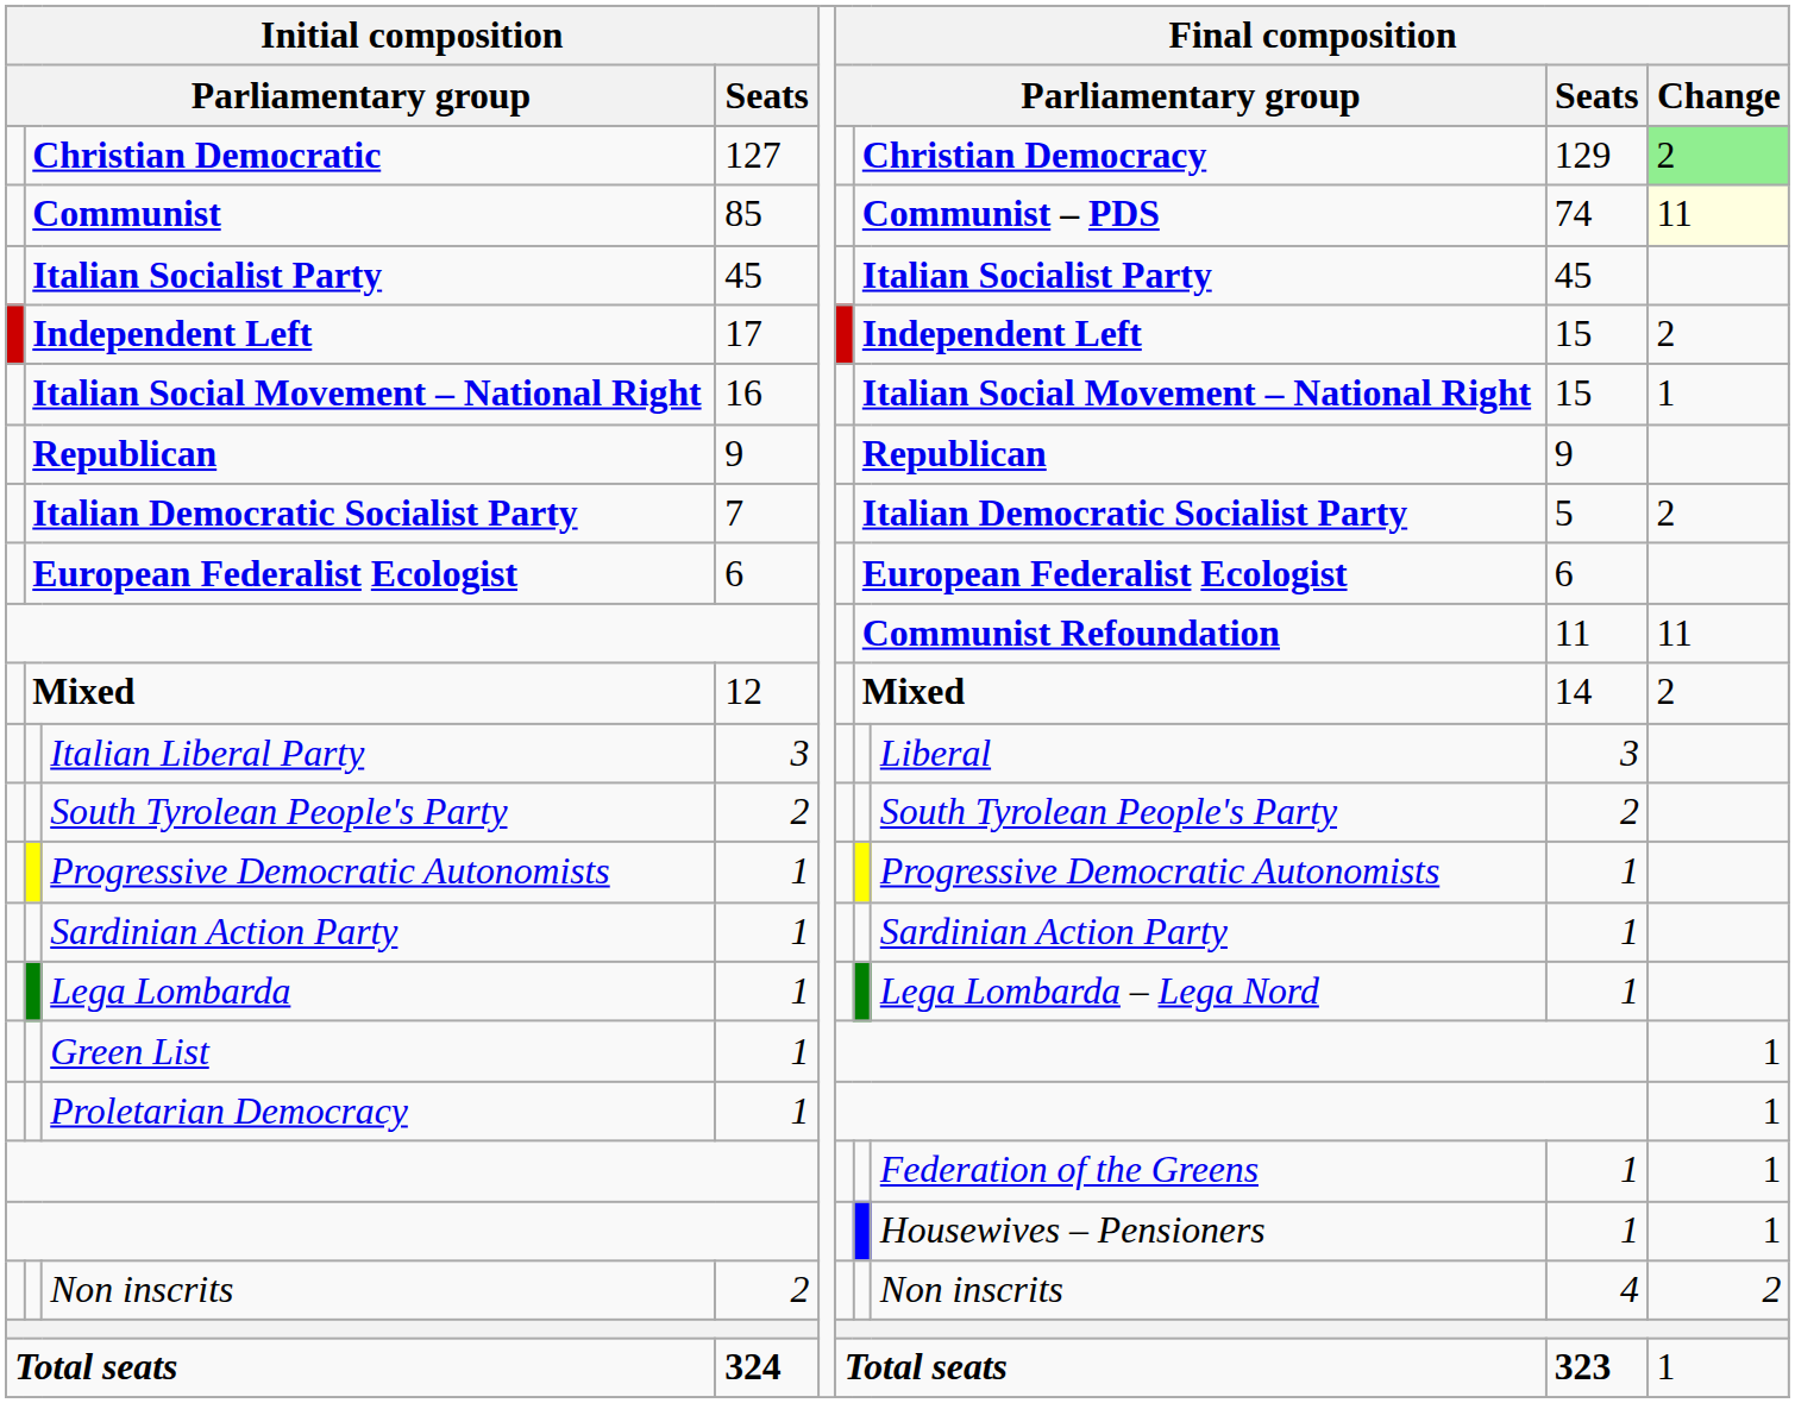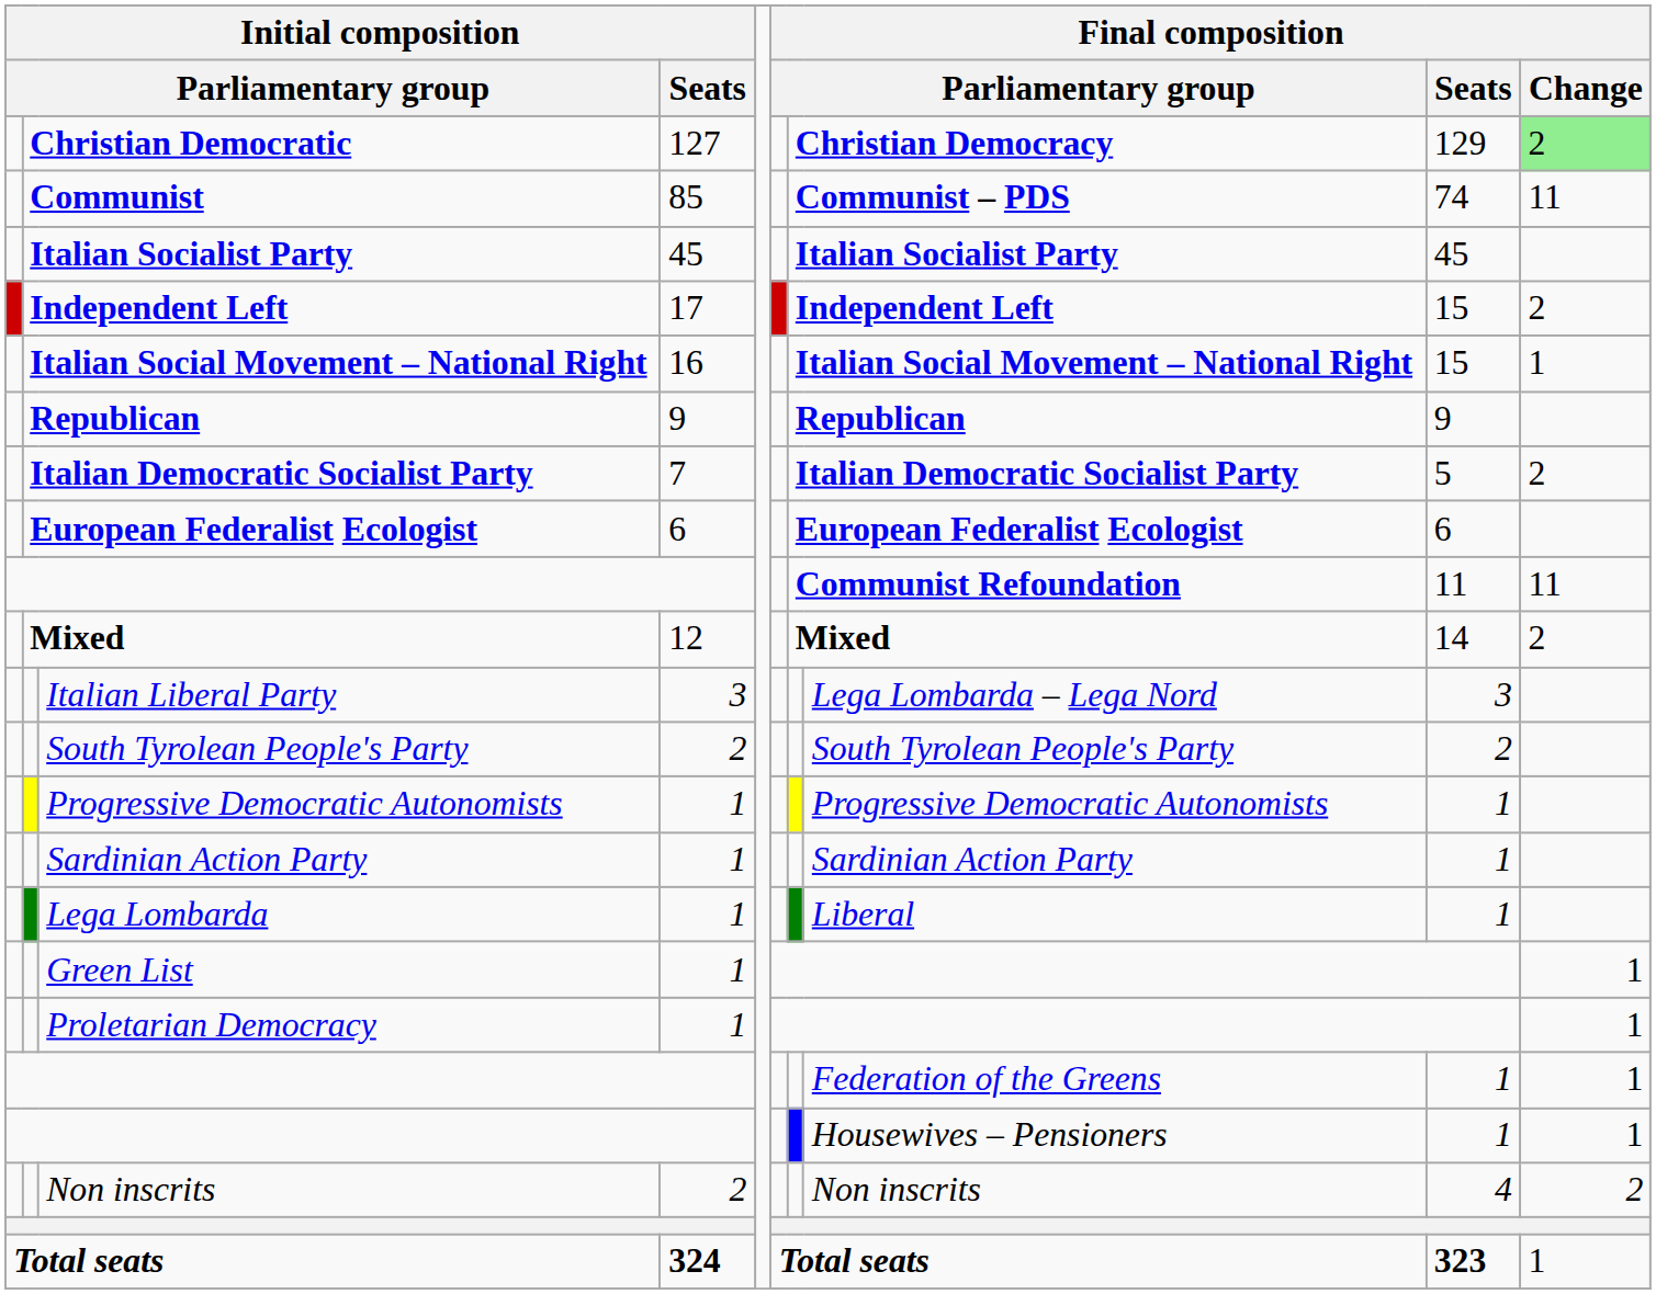 <table class="wikitable" style="width : 60%;">
 <tr>
 <th colspan="4">Initial composition</th>
 <td rowspan="30" style="width : 1%;"></td>
 <th colspan="5">Final composition</th>
 </tr>
 <tr>
 <th colspan="3">Parliamentary group</th>
 <th>Seats</th>
 <th colspan="3">Parliamentary group</th>
 <th>Seats</th>
 <th>Change</th>
 </tr>
 <tr>
 <td></td>
 <td colspan = "2"><strong><a href='#'>Christian Democratic</a></strong></td>
 <td>127</td>
 <td></td>
 <td colspan = "2"><strong><a href='#'>Christian Democracy</a></strong></td>
 <td>129</td>
 <td style="background: lightgreen;"> 2</td>
 </tr>
 <tr>
 <td></td>
 <td colspan = "2"><strong><a href='#'>Communist</a></strong></td>
 <td>85</td>
 <td></td>
 <td colspan = "2"><strong><a href='#'>Communist</a> – <a href='#'>PDS</a></strong></td>
 <td>74</td>
-<td style="background: lightyellow;"> 11</td>
+<td> 11</td>
 </tr>
 <tr>
 <td></td>
 <td colspan = "2"><strong><a href='#'>Italian Socialist Party</a></strong></td>
 <td>45</td>
 <td></td>
 <td colspan = "2"><strong><a href='#'>Italian Socialist Party</a></strong></td>
 <td>45</td>
 <td></td>
 </tr>
 <tr>
 <td bgcolor="#CC0000" width=1%></td>
 <td colspan = "2"><strong><a href='#'>Independent Left</a></strong></td>
 <td>17</td>
 <td bgcolor="#CC0000" width=1%></td>
 <td colspan = "2"><strong><a href='#'>Independent Left</a></strong></td>
 <td>15</td>
 <td> 2</td>
 </tr>
 <tr>
 <td></td>
 <td colspan = "2"><strong><a href='#'>Italian Social Movement – National Right</a></strong></td>
 <td>16</td>
 <td></td>
 <td colspan = "2"><strong><a href='#'>Italian Social Movement – National Right</a></strong></td>
 <td>15</td>
 <td> 1</td>
 </tr>
 <tr>
 <td></td>
 <td colspan = "2"><strong><a href='#'>Republican</a></strong></td>
 <td>9</td>
 <td></td>
 <td colspan = "2"><strong><a href='#'>Republican</a></strong></td>
 <td>9</td>
 <td></td>
 </tr>
 <tr>
 <td></td>
 <td colspan = "2"><strong><a href='#'>Italian Democratic Socialist Party</a></strong></td>
 <td>7</td>
 <td></td>
 <td colspan = "2"><strong><a href='#'>Italian Democratic Socialist Party</a></strong></td>
 <td>5</td>
 <td> 2</td>
 </tr>
 <tr>
 <td></td>
 <td colspan = "2"><strong><a href='#'>European Federalist</a> <a href='#'>Ecologist</a></strong></td>
 <td>6</td>
 <td></td>
 <td colspan = "2"><strong><a href='#'>European Federalist</a> <a href='#'>Ecologist</a></strong></td>
 <td>6</td>
 <td></td>
 </tr>
 <tr>
 <td colspan = "4"></td>
 <td></td>
 <td colspan = "2"><strong><a href='#'>Communist Refoundation</a></strong></td>
 <td>11</td>
 <td> 11</td>
 </tr>
 <tr>
 <td></td>
 <td colspan = "2"><strong>Mixed</strong></td>
 <td>12</td>
 <td></td>
 <td colspan = "2"><strong>Mixed</strong></td>
 <td>14</td>
 <td> 2</td>
 </tr>
 <tr>
 <td></td>
 <td></td>
 <td><em><a href='#'>Italian Liberal Party</a></em></td>
 <td align="right"><em>3</em></td>
 <td></td>
 <td></td>
-<td><em><a href='#'>Liberal</a></em></td>
+<td><em><a href='#'>Lega Lombarda</a> – <a href='#'>Lega Nord</a></em></td>
 <td align="right"><em>3</em></td>
 <td align="right"></td>
 </tr>
 <tr>
 <td></td>
 <td></td>
 <td><em><a href='#'>South Tyrolean People's Party</a></em></td>
 <td align="right"><em>2</em></td>
 <td></td>
 <td></td>
 <td><em><a href='#'>South Tyrolean People's Party</a></em></td>
 <td align="right"><em>2</em></td>
 <td align="right"></td>
 </tr>
 <tr>
 <td></td>
 <td bgcolor="yellow" width=1%></td>
 <td><em><a href='#'>Progressive Democratic Autonomists</a></em></td>
 <td align="right"><em>1</em></td>
 <td></td>
 <td bgcolor="yellow" width=1%></td>
 <td><em><a href='#'>Progressive Democratic Autonomists</a></em></td>
 <td align="right"><em>1</em></td>
 <td align="right"></td>
 </tr>
 <tr>
 <td></td>
 <td></td>
 <td><em><a href='#'>Sardinian Action Party</a></em></td>
 <td align="right"><em>1</em></td>
 <td></td>
 <td></td>
 <td><em><a href='#'>Sardinian Action Party</a></em></td>
 <td align="right"><em>1</em></td>
 <td align="right"></td>
 </tr>
 <tr>
 <td></td>
 <td bgcolor="green" width=1%></td>
 <td><em><a href='#'>Lega Lombarda</a></em></td>
 <td align="right"><em>1</em></td>
 <td></td>
 <td bgcolor="green" width=1%></td>
-<td><em><a href='#'>Lega Lombarda</a> – <a href='#'>Lega Nord</a></em></td>
+<td><em><a href='#'>Liberal</a></em></td>
 <td align="right"><em>1</em></td>
 <td align="right"></td>
 </tr>
 <tr>
 <td></td>
 <td></td>
 <td><em><a href='#'>Green List</a></em></td>
 <td align="right"><em>1</em></td>
 <td colspan = "4"></td>
 <td align="right"> 1</td>
 </tr>
 <tr>
 <td></td>
 <td></td>
 <td><em><a href='#'>Proletarian Democracy</a></em></td>
 <td align="right"><em>1</em></td>
 <td colspan = "4"></td>
 <td align="right"> 1</td>
 </tr>
 <tr>
 <td colspan = "4"></td>
 <td></td>
 <td></td>
 <td><em><a href='#'>Federation of the Greens</a></em></td>
 <td align="right"><em>1</em></td>
 <td align="right"> 1</td>
 </tr>
 <tr>
 <td colspan = "4"></td>
 <td></td>
 <td bgcolor="blue" width=1%></td>
 <td><em>Housewives – Pensioners</em></td>
 <td align="right"><em>1</em></td>
 <td align="right"> 1</td>
 </tr>
 <tr>
 <td></td>
 <td></td>
 <td><em>Non inscrits</em></td>
 <td align="right"><em>2</em></td>
 <td></td>
 <td></td>
 <td><em>Non inscrits</em></td>
 <td align="right"><em>4</em></td>
 <td align="right"> <em>2</em></td>
 </tr>
 <tr>
 <th colspan="4"></th>
 <th colspan="5"></th>
 </tr>
 <tr>
 <td colspan="3"><strong><em>Total seats</em></strong></td>
 <td><strong>324</strong></td>
 <td colspan="3"><strong><em>Total seats</em></strong></td>
 <td><strong>323</strong></td>
 <td> 1</td>
 </tr>
 <tr>
 </tr>
 </table>
